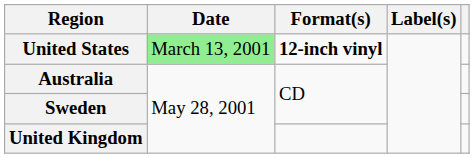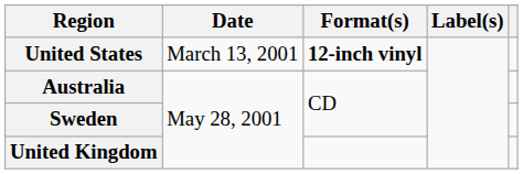 <table class="wikitable plainrowheaders">
 <tr>
 <th scope="col">Region</th>
 <th scope="col">Date</th>
 <th scope="col">Format(s)</th>
 <th scope="col">Label(s)</th>
 <th scope="col"></th>
 </tr>
 <tr>
 <th scope="row">United States</th>
-<td style="background: lightgreen;">March 13, 2001</td>
+<td>March 13, 2001</td>
 <td><strong>12-inch vinyl</strong></td>
 <td rowspan="4"></td>
 <td></td>
 </tr>
 <tr>
 <th scope="row">Australia</th>
 <td rowspan="3">May 28, 2001</td>
 <td rowspan="2">CD</td>
 <td></td>
 </tr>
 <tr>
 <th scope="row">Sweden</th>
 <td></td>
 </tr>
 <tr>
 <th scope="row">United Kingdom</th>
 <td></td>
 <td></td>
 </tr>
 </table>
